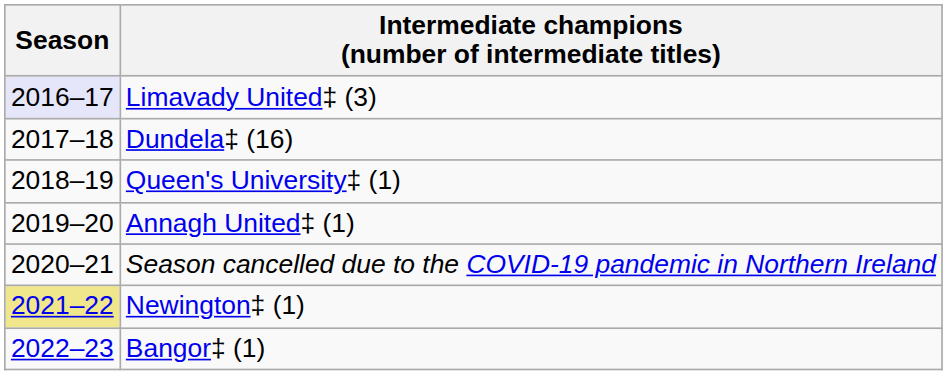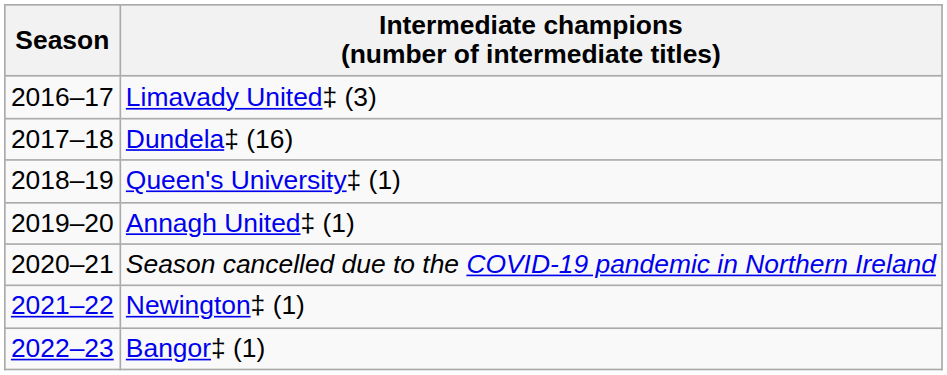 <table class="wikitable">
 <tr>
 <th>Season</th>
 <th>Intermediate champions<br>(number of intermediate titles)</th>
 </tr>
 <tr>
-<td style="background: lavender;">2016–17</td>
+<td>2016–17</td>
 <td><a href='#'>Limavady United</a>‡ (3)</td>
 </tr>
 <tr>
 <td>2017–18</td>
 <td><a href='#'>Dundela</a>‡ (16)</td>
 </tr>
 <tr>
 <td>2018–19</td>
 <td><a href='#'>Queen's University</a>‡ (1)</td>
 </tr>
 <tr>
 <td>2019–20</td>
 <td><a href='#'>Annagh United</a>‡ (1)</td>
 </tr>
 <tr>
 <td>2020–21</td>
 <td><em>Season cancelled due to the <a href='#'>COVID-19 pandemic in Northern Ireland</a></em></td>
 </tr>
 <tr>
-<td style="background: khaki;"><a href='#'>2021–22</a></td>
+<td><a href='#'>2021–22</a></td>
 <td><a href='#'>Newington</a>‡ (1)</td>
 </tr>
 <tr>
 <td><a href='#'>2022–23</a></td>
 <td><a href='#'>Bangor</a>‡ (1)</td>
 </tr>
 </table>
